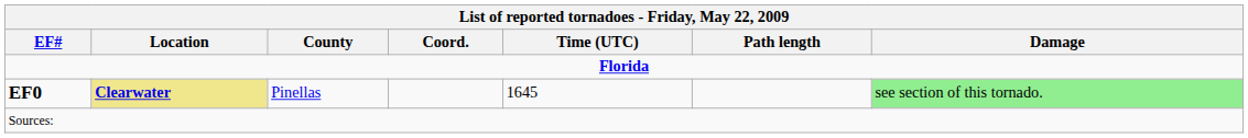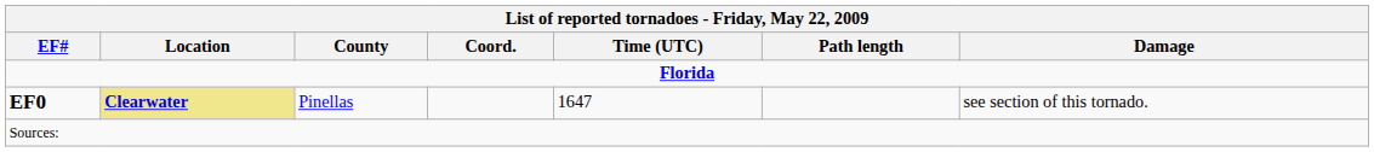 <table class="wikitable collapsible" width="100%">
 <tr>
 <th colspan="7">List of reported tornadoes - Friday, May 22, 2009</th>
 </tr>
 <tr>
 <th><a href='#'>EF#</a></th>
 <th>Location</th>
 <th>County</th>
 <th>Coord.</th>
 <th>Time (UTC)</th>
 <th>Path length</th>
 <th>Damage</th>
 </tr>
 <tr>
 <td colspan="7" align=center><strong><a href='#'>Florida</a></strong></td>
 </tr>
 <tr>
 <td><big><strong>EF0</strong></big></td>
 <td style="background: khaki;"><strong><a href='#'>Clearwater</a></strong></td>
 <td><a href='#'>Pinellas</a></td>
 <td></td>
-<td>1645</td>
+<td>1647</td>
 <td></td>
-<td style="background: lightgreen;">see section of this tornado.</td>
+<td>see section of this tornado.</td>
 </tr>
 <tr>
 <td colspan="7"><small>Sources: </small></td>
 </tr>
 </table>
